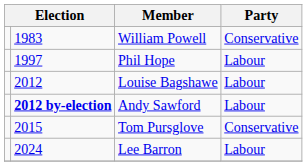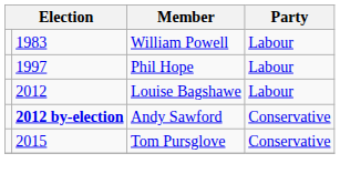 <table class="wikitable">
 <tr>
 <th colspan="2">Election</th>
 <th>Member</th>
 <th>Party</th>
 </tr>
 <tr>
 <td style="color:inherit;background-color: "></td>
 <td><a href='#'>1983</a></td>
 <td><a href='#'>William Powell</a></td>
-<td><a href='#'>Conservative</a></td>
+<td><a href='#'>Labour</a></td>
 </tr>
 <tr>
 <td style="color:inherit;background-color: "></td>
 <td><a href='#'>1997</a></td>
 <td><a href='#'>Phil Hope</a></td>
 <td><a href='#'>Labour</a></td>
 </tr>
 <tr>
 <td style="color:inherit;background-color: "></td>
 <td><a href='#'>2012</a></td>
 <td><a href='#'>Louise Bagshawe</a></td>
 <td><a href='#'>Labour</a></td>
 </tr>
 <tr>
 <td style="color:inherit;background-color: "></td>
 <td><strong><a href='#'>2012 by-election</a></strong></td>
 <td><a href='#'>Andy Sawford</a></td>
-<td><a href='#'>Labour</a></td>
+<td><a href='#'>Conservative</a></td>
 </tr>
 <tr>
 <td style="color:inherit;background-color: "></td>
 <td><a href='#'>2015</a></td>
 <td><a href='#'>Tom Pursglove</a></td>
 <td><a href='#'>Conservative</a></td>
 </tr>
 <tr>
-<td style="color:inherit;background-color: "></td>
-<td><a href='#'>2024</a></td>
-<td><a href='#'>Lee Barron</a></td>
-<td><a href='#'>Labour</a></td>
-</tr>
-<tr>
 </tr>
 </table>
